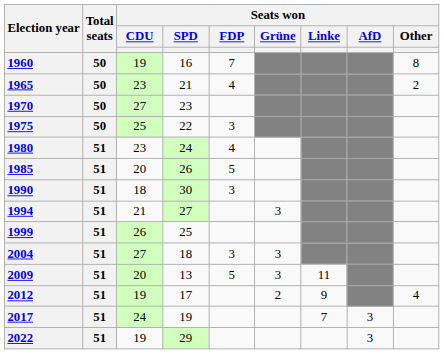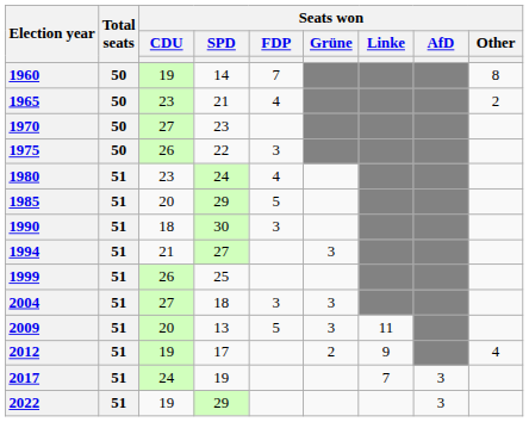 <table class="wikitable" style="text-align:center; font-size: 0.9em;">
 <tr>
 <th rowspan="3">Election year</th>
 <th rowspan="3">Total<br>seats</th>
 <th colspan="7">Seats won</th>
 </tr>
 <tr>
 <th class="unsortable" style="width:45px;"><a href='#'>CDU</a></th>
 <th class="unsortable" style="width:45px;"><a href='#'>SPD</a></th>
 <th class="unsortable" style="width:45px;"><a href='#'>FDP</a></th>
 <th class="unsortable" style="width:45px;"><a href='#'>Grüne</a></th>
 <th class="unsortable" style="width:45px;"><a href='#'>Linke</a></th>
 <th class="unsortable" style="width:45px;"><a href='#'>AfD</a></th>
 <th class="unsortable" style="width:45px;">Other</th>
 </tr>
 <tr>
 <th style="background:"></th>
 <th style="background:"></th>
 <th style="background:"></th>
 <th style="background:"></th>
 <th style="background:"></th>
 <th style="background:"></th>
 <th style="background:"></th>
 </tr>
 <tr>
 <th style="text-align: left;"><a href='#'>1960</a></th>
 <th>50</th>
 <td style="background:#d1ffbd;">19</td>
-<td>16</td>
+<td>14</td>
 <td>7</td>
 <td style="background:#828282;"></td>
 <td style="background:#828282;"></td>
 <td style="background:#828282;"></td>
 <td>8 </td>
 </tr>
 <tr>
 <th style="text-align: left;"><a href='#'>1965</a></th>
 <th>50</th>
 <td style="background:#d1ffbd;">23</td>
 <td>21</td>
 <td>4</td>
 <td style="background:#828282;"></td>
 <td style="background:#828282;"></td>
 <td style="background:#828282;"></td>
 <td>2 </td>
 </tr>
 <tr>
 <th style="text-align: left;"><a href='#'>1970</a></th>
 <th>50</th>
 <td style="background:#d1ffbd;">27</td>
 <td>23</td>
 <td></td>
 <td style="background:#828282;"></td>
 <td style="background:#828282;"></td>
 <td style="background:#828282;"></td>
 <td></td>
 </tr>
 <tr>
 <th style="text-align: left;"><a href='#'>1975</a></th>
 <th>50</th>
-<td style="background:#d1ffbd;">25</td>
+<td style="background:#d1ffbd;">26</td>
 <td>22</td>
 <td>3</td>
 <td style="background:#828282;"></td>
 <td style="background:#828282;"></td>
 <td style="background:#828282;"></td>
 <td></td>
 </tr>
 <tr>
 <th style="text-align: left;"><a href='#'>1980</a></th>
 <th>51</th>
 <td>23</td>
 <td style="background:#d1ffbd;">24</td>
 <td>4</td>
 <td></td>
 <td style="background:#828282;"></td>
 <td style="background:#828282;"></td>
 <td></td>
 </tr>
 <tr>
 <th style="text-align: left;"><a href='#'>1985</a></th>
 <th>51</th>
 <td>20</td>
-<td style="background:#d1ffbd;">26</td>
+<td style="background:#d1ffbd;">29</td>
 <td>5</td>
 <td></td>
 <td style="background:#828282;"></td>
 <td style="background:#828282;"></td>
 <td></td>
 </tr>
 <tr>
 <th style="text-align: left;"><a href='#'>1990</a></th>
 <th>51</th>
 <td>18</td>
 <td style="background:#d1ffbd;">30</td>
 <td>3</td>
 <td></td>
 <td style="background:#828282;"></td>
 <td style="background:#828282;"></td>
 <td></td>
 </tr>
 <tr>
 <th style="text-align: left;"><a href='#'>1994</a></th>
 <th>51</th>
 <td>21</td>
 <td style="background:#d1ffbd;">27</td>
 <td></td>
 <td>3</td>
 <td style="background:#828282;"></td>
 <td style="background:#828282;"></td>
 <td></td>
 </tr>
 <tr>
 <th style="text-align: left;"><a href='#'>1999</a></th>
 <th>51</th>
 <td style="background:#d1ffbd;">26</td>
 <td>25</td>
 <td></td>
 <td></td>
 <td style="background:#828282;"></td>
 <td style="background:#828282;"></td>
 <td></td>
 </tr>
 <tr>
 <th style="text-align: left;"><a href='#'>2004</a></th>
 <th>51</th>
 <td style="background:#d1ffbd;">27</td>
 <td>18</td>
 <td>3</td>
 <td>3</td>
 <td style="background:#828282;"></td>
 <td style="background:#828282;"></td>
 <td></td>
 </tr>
 <tr>
 <th style="text-align: left;"><a href='#'>2009</a></th>
 <th>51</th>
 <td style="background:#d1ffbd;">20</td>
 <td>13</td>
 <td>5</td>
 <td>3</td>
 <td>11</td>
 <td style="background:#828282;"></td>
 <td></td>
 </tr>
 <tr>
 <th style="text-align: left;"><a href='#'>2012</a></th>
 <th>51</th>
 <td style="background:#d1ffbd;">19</td>
 <td>17</td>
 <td></td>
 <td>2</td>
 <td>9</td>
 <td style="background:#828282;"></td>
 <td>4 </td>
 </tr>
 <tr>
 <th style="text-align: left;"><a href='#'>2017</a></th>
 <th>51</th>
 <td style="background:#d1ffbd;">24</td>
 <td>19</td>
 <td></td>
 <td></td>
 <td>7</td>
 <td>3</td>
 <td></td>
 </tr>
 <tr>
 <th style="text-align: left;"><a href='#'>2022</a></th>
 <th>51</th>
 <td>19</td>
 <td style="background:#d1ffbd;">29</td>
 <td></td>
 <td></td>
 <td></td>
 <td>3</td>
 <td></td>
 </tr>
 </table>
